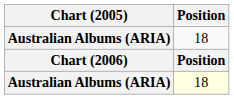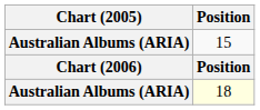 <table class="wikitable sortable plainrowheaders" style="text-align:center">
 <tr>
 <th scope="col">Chart (2005)</th>
 <th scope="col">Position</th>
 </tr>
 <tr>
 <th scope="row">Australian Albums (ARIA)</th>
-<td>18</td>
+<td>15</td>
 </tr>
 <tr>
 <th scope="col">Chart (2006)</th>
 <th scope="col">Position</th>
 </tr>
 <tr>
 <th scope="row">Australian Albums (ARIA)</th>
 <td style="background: lightyellow;">18</td>
 </tr>
 </table>
